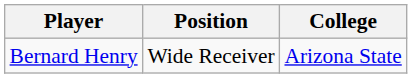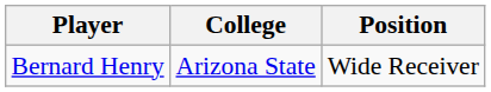 <table class="wikitable">
 <tr>
 <th>Player</th>
+<th>College</th>
 <th>Position</th>
-<th>College</th>
 </tr>
 <tr>
 <td><a href='#'>Bernard Henry</a></td>
+<td><a href='#'>Arizona State</a></td>
 <td>Wide Receiver</td>
-<td><a href='#'>Arizona State</a></td>
 </tr>
 </table>
